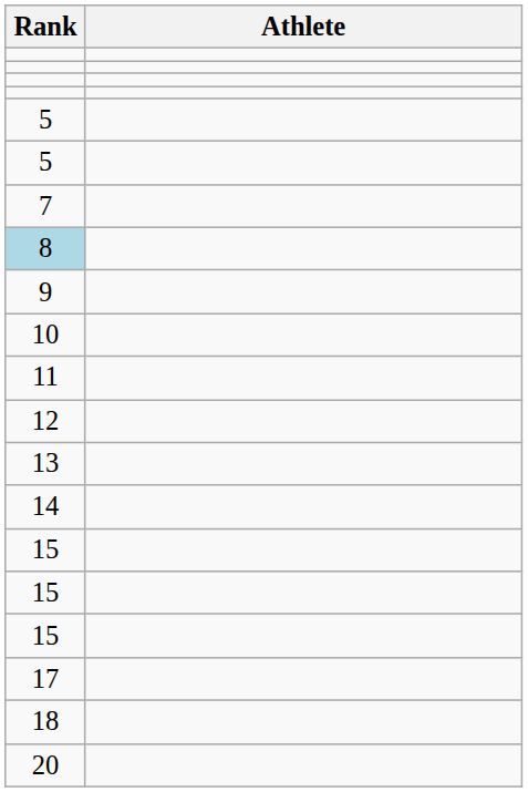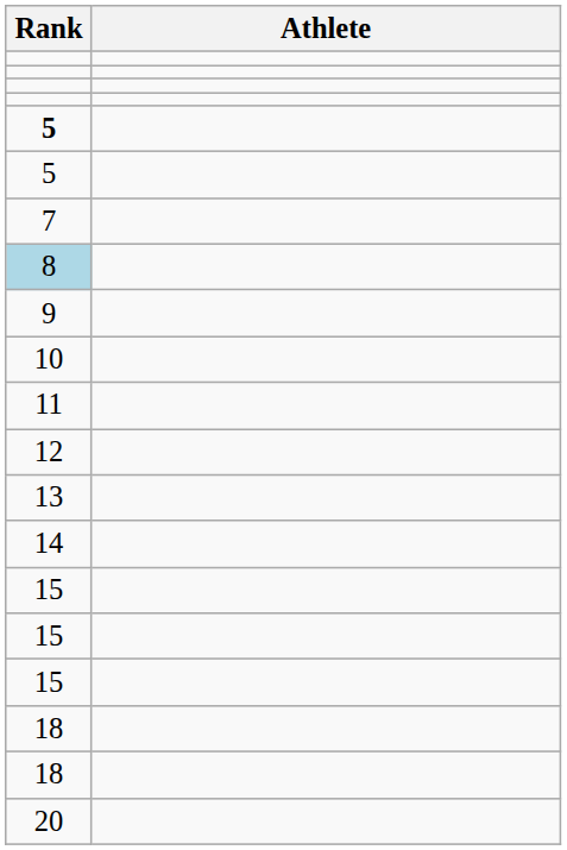 <table class="wikitable" style="text-align: center;">
 <tr>
 <th width=40>Rank</th>
 <th width=250>Athlete</th>
 </tr>
 <tr>
 <td></td>
 <td align="left"></td>
 </tr>
 <tr>
 <td></td>
 <td align="left"></td>
 </tr>
 <tr>
 <td></td>
 <td align="left"></td>
 </tr>
 <tr>
 <td></td>
 <td align="left"></td>
 </tr>
 <tr>
-<td>5</td>
+<td><strong>5</strong></td>
 <td align="left"></td>
 </tr>
 <tr>
 <td>5</td>
 <td align="left"></td>
 </tr>
 <tr>
 <td>7</td>
 <td align="left"></td>
 </tr>
 <tr>
 <td style="background: lightblue;">8</td>
 <td align="left"></td>
 </tr>
 <tr>
 <td>9</td>
 <td align="left"></td>
 </tr>
 <tr>
 <td>10</td>
 <td align="left"></td>
 </tr>
 <tr>
 <td>11</td>
 <td align="left"></td>
 </tr>
 <tr>
 <td>12</td>
 <td align="left"></td>
 </tr>
 <tr>
 <td>13</td>
 <td align="left"></td>
 </tr>
 <tr>
 <td>14</td>
 <td align="left"></td>
 </tr>
 <tr>
 <td>15</td>
 <td align="left"></td>
 </tr>
 <tr>
 <td>15</td>
 <td align="left"></td>
 </tr>
 <tr>
 <td>15</td>
 <td align="left"></td>
 </tr>
 <tr>
-<td>17</td>
+<td>18</td>
 <td align="left"></td>
 </tr>
 <tr>
 <td>18</td>
 <td align="left"></td>
 </tr>
 <tr>
 <td>20</td>
 <td align="left"></td>
 </tr>
 </table>
